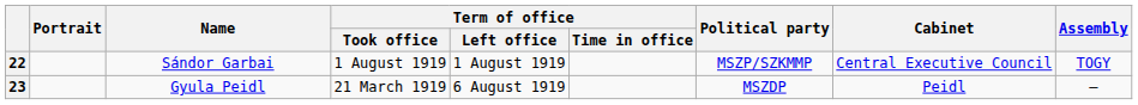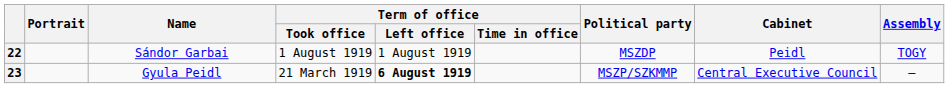 <table class="wikitable" style="text-align:center;">
 <tr>
 <th rowspan=2></th>
 <th rowspan=2>Portrait</th>
 <th width=20% rowspan=2>Name<br></th>
 <th colspan=3>Term of office</th>
 <th rowspan=2>Political party</th>
 <th rowspan=2>Cabinet</th>
 <th rowspan=2><a href='#'>Assembly</a><br></th>
 </tr>
 <tr>
 <th>Took office</th>
 <th>Left office</th>
 <th>Time in office</th>
 </tr>
 <tr>
 <th style="background:">22</th>
 <td></td>
 <td><a href='#'>Sándor Garbai</a><br></td>
 <td>1 August 1919</td>
 <td>1 August 1919</td>
 <td></td>
-<td><a href='#'>MSZP/SZKMMP</a></td>
-<td><a href='#'>Central Executive Council</a><br></td>
+<td><a href='#'>MSZDP</a></td>
+<td><a href='#'>Peidl</a><br></td>
 <td><a href='#'>TOGY </a></td>
 </tr>
 <tr>
 <th style="background:">23</th>
 <td></td>
 <td><a href='#'>Gyula Peidl</a><br></td>
 <td>21 March 1919</td>
-<td>6 August 1919<br></td>
+<td><strong>6 August 1919<br></strong></td>
 <td></td>
-<td><a href='#'>MSZDP</a></td>
-<td><a href='#'>Peidl</a><br></td>
+<td><a href='#'>MSZP/SZKMMP</a></td>
+<td><a href='#'>Central Executive Council</a><br></td>
 <td>—</td>
 </tr>
 </table>
